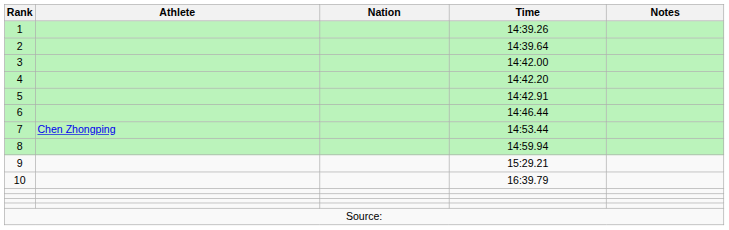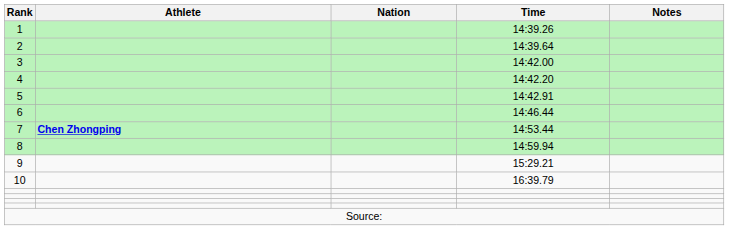 <table class="wikitable sortable" style="text-align:center;width: 55%;">
 <tr>
 <th scope="col" style="width: 10px;">Rank</th>
 <th scope="col">Athlete</th>
 <th scope="col">Nation</th>
 <th scope="col">Time</th>
 <th scope="col">Notes</th>
 </tr>
 <tr bgcolor=bbf3bb>
 <td>1</td>
 <td align=left></td>
 <td align=left></td>
 <td>14:39.26</td>
 <td></td>
 </tr>
 <tr bgcolor=bbf3bb>
 <td>2</td>
 <td align=left></td>
 <td align=left></td>
 <td>14:39.64</td>
 <td></td>
 </tr>
 <tr bgcolor=bbf3bb>
 <td>3</td>
 <td align=left></td>
 <td align=left></td>
 <td>14:42.00</td>
 <td></td>
 </tr>
 <tr bgcolor=bbf3bb>
 <td>4</td>
 <td align=left></td>
 <td align=left></td>
 <td>14:42.20</td>
 <td></td>
 </tr>
 <tr bgcolor=bbf3bb>
 <td>5</td>
 <td align=left></td>
 <td align=left></td>
 <td>14:42.91</td>
 <td></td>
 </tr>
 <tr bgcolor=bbf3bb>
 <td>6</td>
 <td align=left></td>
 <td align=left></td>
 <td>14:46.44</td>
 <td></td>
 </tr>
 <tr bgcolor=bbf3bb>
 <td>7</td>
-<td align=left><a href='#'>Chen Zhongping</a></td>
+<td align=left><strong><a href='#'>Chen Zhongping</a></strong></td>
 <td align=left></td>
 <td>14:53.44</td>
 <td></td>
 </tr>
 <tr bgcolor=bbf3bb>
 <td>8</td>
 <td align=left></td>
 <td align=left></td>
 <td>14:59.94</td>
 <td></td>
 </tr>
 <tr>
 <td>9</td>
 <td align=left></td>
 <td align=left></td>
 <td>15:29.21</td>
 <td></td>
 </tr>
 <tr>
 <td>10</td>
 <td align=left></td>
 <td align=left></td>
 <td>16:39.79</td>
 <td></td>
 </tr>
 <tr>
 <td></td>
 <td align=left></td>
 <td align=left></td>
 <td></td>
 <td></td>
 </tr>
 <tr>
 <td></td>
 <td align=left></td>
 <td align=left></td>
 <td></td>
 <td></td>
 </tr>
 <tr>
 <td></td>
 <td align=left></td>
 <td align=left></td>
 <td></td>
 <td></td>
 </tr>
 <tr>
 <td></td>
 <td align=left></td>
 <td align=left></td>
 <td></td>
 <td></td>
 </tr>
 <tr class="sortbottom">
 <td colspan="5">Source:</td>
 </tr>
 </table>
